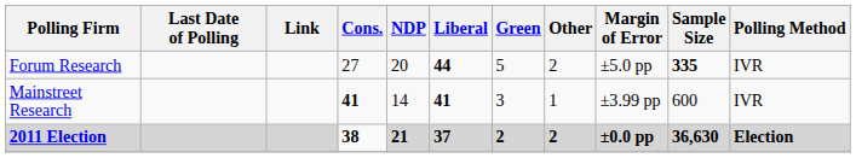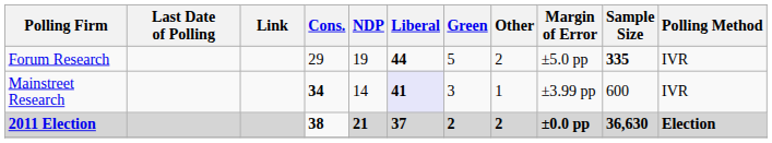 <table class="wikitable sortable">
 <tr style="background:#e9e9e9;">
 <th style="width:120px">Polling Firm</th>
 <th style="width:110px">Last Date<br>of Polling</th>
 <th style="width:60px" class="unsortable">Link</th>
 <th style="background-color:"><strong><a href='#'>Cons.</a></strong></th>
 <th style="background-color:"><strong><a href='#'>NDP</a></strong></th>
 <th style="background-color:"><strong><a href='#'>Liberal</a></strong></th>
 <th style="background-color:"><strong><a href='#'>Green</a></strong></th>
 <th style="background-color:"><strong>Other</strong></th>
 <th style="width:60px;" class=unsortable>Margin<br>of Error</th>
 <th style="width:50px;" class=unsortable>Sample<br>Size</th>
 <th class=unsortable>Polling Method</th>
 </tr>
 <tr>
 <td><a href='#'>Forum Research</a></td>
 <td></td>
 <td></td>
-<td>27</td>
-<td>20</td>
+<td>29</td>
+<td>19</td>
 <td><strong>44</strong></td>
 <td>5</td>
 <td>2</td>
 <td>±5.0 pp</td>
 <td><strong>335</strong></td>
 <td>IVR</td>
 </tr>
 <tr>
 <td><a href='#'>Mainstreet Research</a></td>
 <td></td>
 <td></td>
-<td><strong>41</strong></td>
+<td><strong>34</strong></td>
 <td>14</td>
-<td><strong>41</strong></td>
+<td style="background: lavender;"><strong>41</strong></td>
 <td>3</td>
 <td>1</td>
 <td>±3.99 pp</td>
 <td>600</td>
 <td>IVR</td>
 </tr>
 <tr>
 <td style="background:#D5D5D5"><strong><a href='#'>2011 Election</a></strong></td>
 <td style="background:#D5D5D5"><strong></strong></td>
 <td style="background:#D5D5D5"></td>
 <td><strong>38</strong></td>
 <td style="background:#D5D5D5"><strong>21</strong></td>
 <td style="background:#D5D5D5"><strong>37</strong></td>
 <td style="background:#D5D5D5"><strong>2</strong></td>
 <td style="background:#D5D5D5"><strong>2</strong></td>
 <td style="background:#D5D5D5"><strong>±0.0 pp</strong></td>
 <td style="background:#D5D5D5"><strong>36,630</strong></td>
 <td style="background:#D5D5D5"><strong>Election</strong></td>
 </tr>
 <tr>
 </tr>
 <tr>
 </tr>
 </table>
